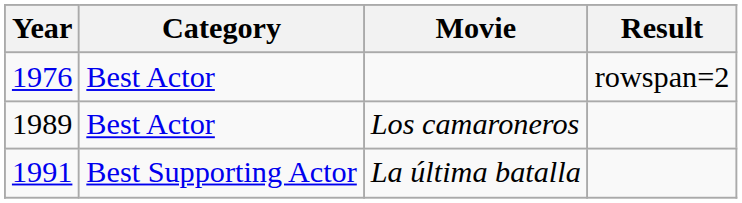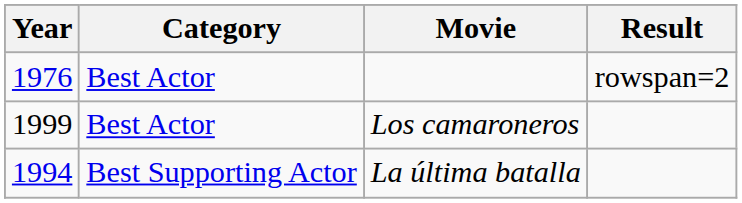 <table class="wikitable">
 <tr>
 <th><strong>Year</strong></th>
 <th><strong>Category</strong></th>
 <th><strong>Movie</strong></th>
 <th><strong>Result</strong></th>
 </tr>
 <tr>
 <td><a href='#'>1976</a></td>
 <td><a href='#'>Best Actor</a></td>
 <td><em></em></td>
 <td>rowspan=2 </td>
 </tr>
 <tr>
-<td>1989</td>
+<td>1999</td>
 <td><a href='#'>Best Actor</a></td>
 <td><em>Los camaroneros</em></td>
 </tr>
 <tr>
-<td><a href='#'>1991</a></td>
+<td><a href='#'>1994</a></td>
 <td><a href='#'>Best Supporting Actor</a></td>
 <td><em>La última batalla</em></td>
 <td></td>
 </tr>
 </table>
